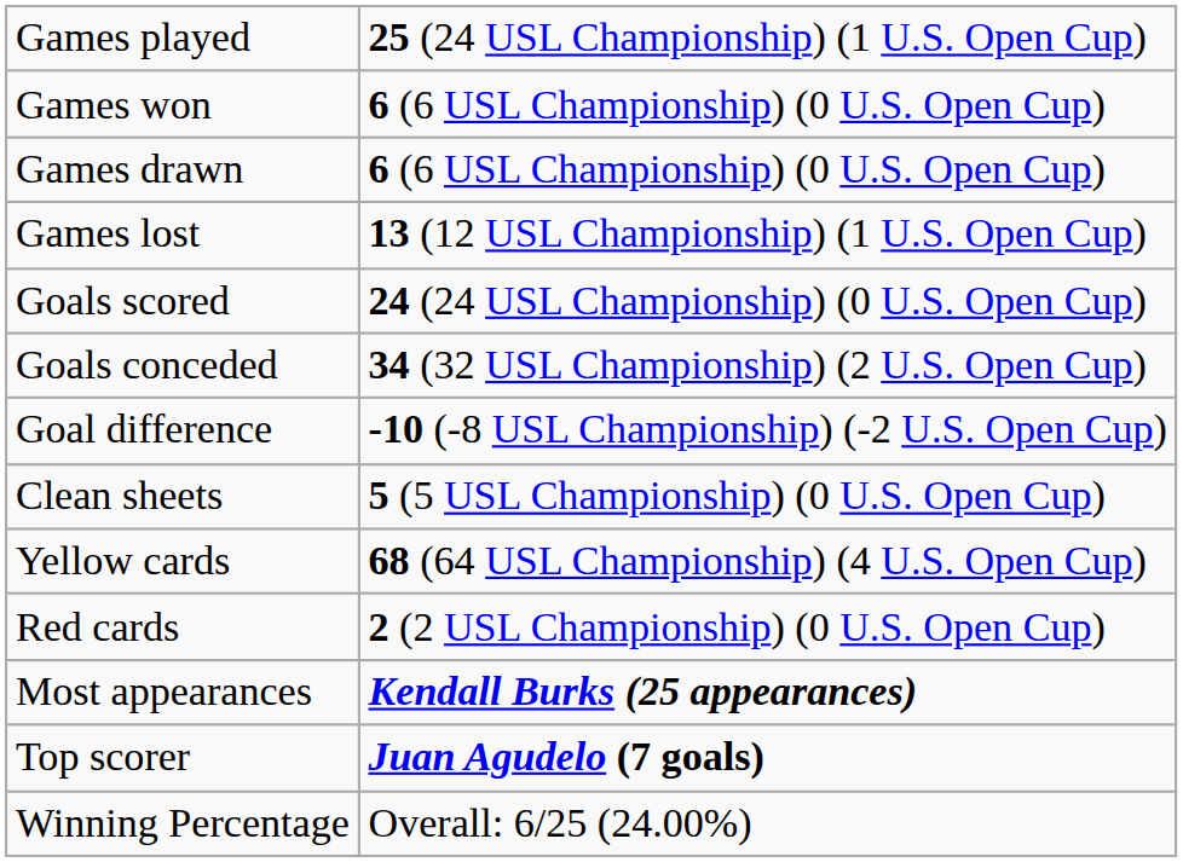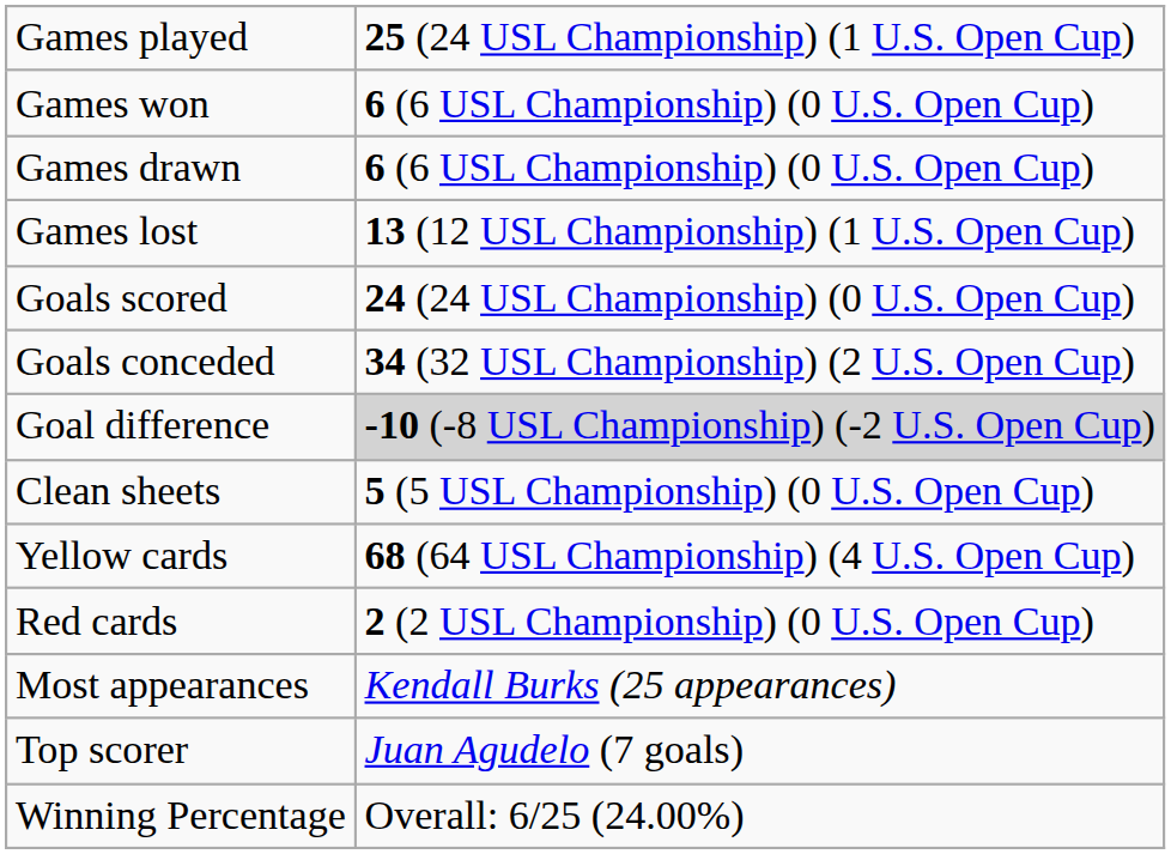 <table class="wikitable">
 <tr>
 <td>Games played</td>
 <td><strong>25</strong> (24 <a href='#'>USL Championship</a>) (1 <a href='#'>U.S. Open Cup</a>)</td>
 </tr>
 <tr>
 <td>Games won</td>
 <td><strong>6</strong> (6 <a href='#'>USL Championship</a>) (0 <a href='#'>U.S. Open Cup</a>)</td>
 </tr>
 <tr>
 <td>Games drawn</td>
 <td><strong>6</strong> (6 <a href='#'>USL Championship</a>) (0 <a href='#'>U.S. Open Cup</a>)</td>
 </tr>
 <tr>
 <td>Games lost</td>
 <td><strong>13</strong> (12 <a href='#'>USL Championship</a>) (1 <a href='#'>U.S. Open Cup</a>)</td>
 </tr>
 <tr>
 <td>Goals scored</td>
 <td><strong>24</strong> (24 <a href='#'>USL Championship</a>) (0 <a href='#'>U.S. Open Cup</a>)</td>
 </tr>
 <tr>
 <td>Goals conceded</td>
 <td><strong>34</strong> (32 <a href='#'>USL Championship</a>) (2 <a href='#'>U.S. Open Cup</a>)</td>
 </tr>
 <tr>
 <td>Goal difference</td>
-<td><strong>-10</strong> (-8 <a href='#'>USL Championship</a>) (-2 <a href='#'>U.S. Open Cup</a>)</td>
+<td style="background: lightgrey;"><strong>-10</strong> (-8 <a href='#'>USL Championship</a>) (-2 <a href='#'>U.S. Open Cup</a>)</td>
 </tr>
 <tr>
 <td>Clean sheets</td>
 <td><strong>5</strong> (5 <a href='#'>USL Championship</a>) (0 <a href='#'>U.S. Open Cup</a>)</td>
 </tr>
 <tr>
 <td>Yellow cards</td>
 <td><strong>68</strong> (64 <a href='#'>USL Championship</a>) (4 <a href='#'>U.S. Open Cup</a>)</td>
 </tr>
 <tr>
 <td>Red cards</td>
 <td><strong>2</strong> (2 <a href='#'>USL Championship</a>) (0 <a href='#'>U.S. Open Cup</a>)</td>
 </tr>
 <tr>
 <td>Most appearances</td>
-<td><strong><em> <a href='#'>Kendall Burks</a> (25 appearances)</em></strong></td>
+<td><em> <a href='#'>Kendall Burks</a> (25 appearances)</em></td>
 </tr>
 <tr>
 <td>Top scorer</td>
-<td><strong><em> <a href='#'>Juan Agudelo</a></em> (7 goals)</strong></td>
+<td><em> <a href='#'>Juan Agudelo</a></em> (7 goals)</td>
 </tr>
 <tr>
 <td>Winning Percentage</td>
 <td>Overall: 6/25 (24.00%)</td>
 </tr>
 </table>
